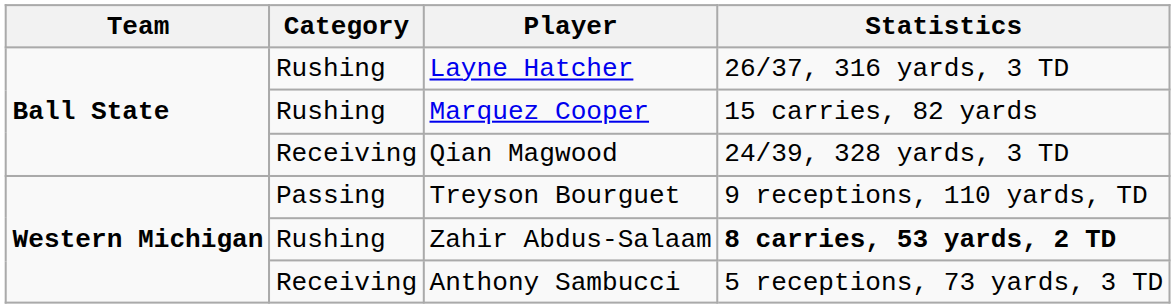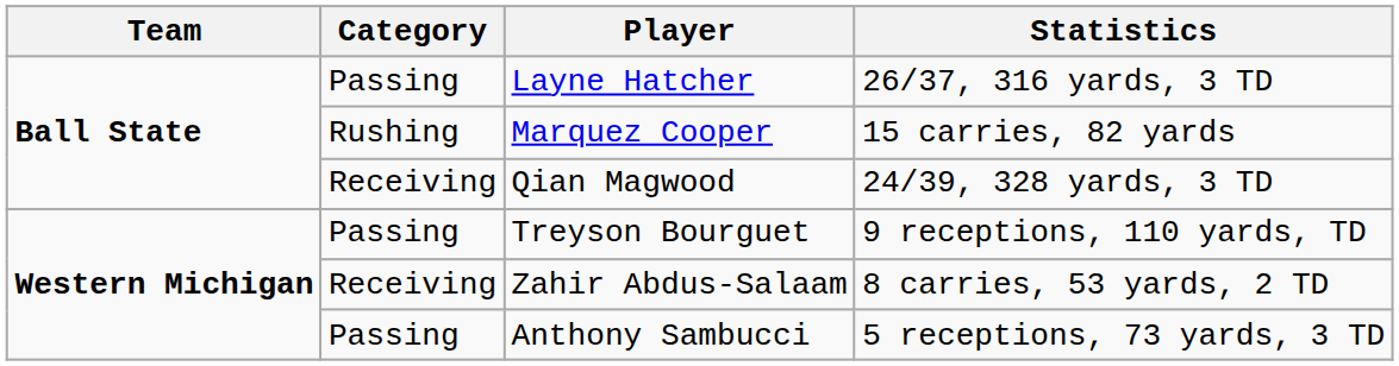 <table class="wikitable" style="float: right;">
 <tr>
 <th>Team</th>
 <th>Category</th>
 <th>Player</th>
 <th>Statistics</th>
 </tr>
 <tr>
 <td rowspan=3><strong>Ball State</strong></td>
-<td>Rushing</td>
+<td>Passing</td>
 <td><a href='#'>Layne Hatcher</a></td>
 <td>26/37, 316 yards, 3 TD</td>
 </tr>
 <tr>
 <td>Rushing</td>
 <td><a href='#'>Marquez Cooper</a></td>
 <td>15 carries, 82 yards</td>
 </tr>
 <tr>
 <td>Receiving</td>
 <td>Qian Magwood</td>
 <td>24/39, 328 yards, 3 TD</td>
 </tr>
 <tr>
 <td rowspan=3><strong>Western Michigan</strong></td>
 <td>Passing</td>
 <td>Treyson Bourguet</td>
 <td>9 receptions, 110 yards, TD</td>
 </tr>
 <tr>
-<td>Rushing</td>
+<td>Receiving</td>
 <td>Zahir Abdus-Salaam</td>
-<td><strong>8 carries, 53 yards, 2 TD</strong></td>
+<td>8 carries, 53 yards, 2 TD</td>
 </tr>
 <tr>
-<td>Receiving</td>
+<td>Passing</td>
 <td>Anthony Sambucci</td>
 <td>5 receptions, 73 yards, 3 TD</td>
 </tr>
 </table>
